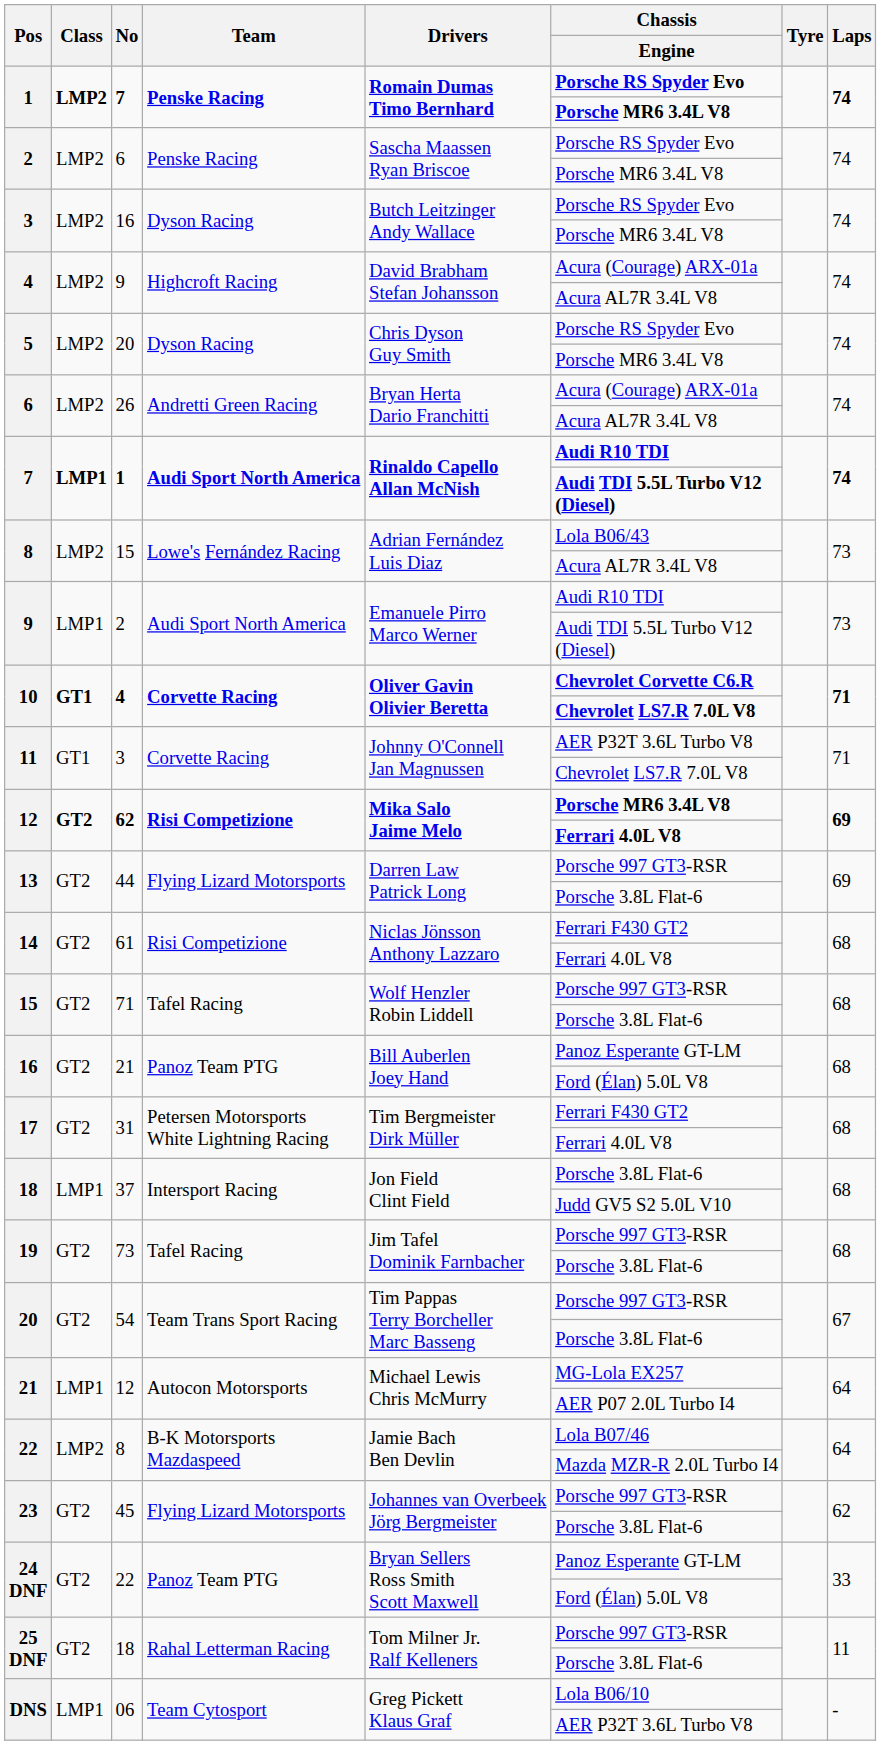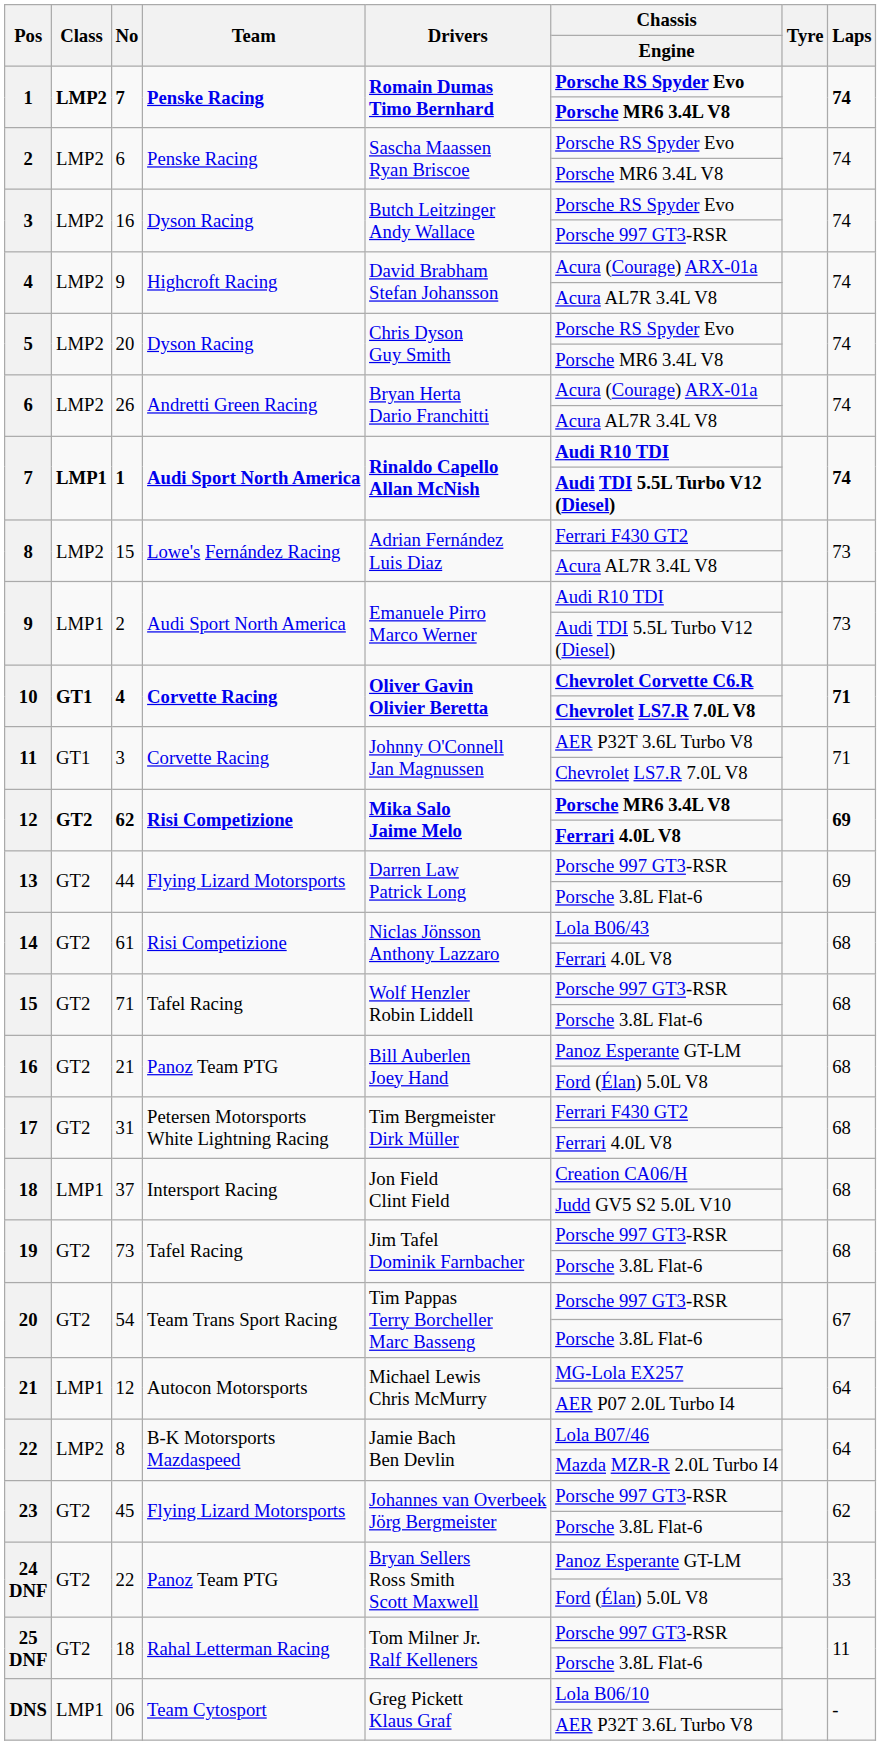 <table class="wikitable" style="font-size: 95%;">
 <tr>
 <th rowspan=2>Pos</th>
 <th rowspan=2>Class</th>
 <th rowspan=2>No</th>
 <th rowspan=2>Team</th>
 <th rowspan=2>Drivers</th>
 <th>Chassis</th>
 <th rowspan=2>Tyre</th>
 <th rowspan=2>Laps</th>
 </tr>
 <tr>
 <th>Engine</th>
 </tr>
 <tr style="font-weight:bold">
 <th rowspan=2>1</th>
 <td rowspan=2>LMP2</td>
 <td rowspan=2>7</td>
 <td rowspan=2> <a href='#'>Penske Racing</a></td>
 <td rowspan=2> <a href='#'>Romain Dumas</a><br> <a href='#'>Timo Bernhard</a></td>
 <td><a href='#'>Porsche RS Spyder</a> Evo</td>
 <td rowspan=2></td>
 <td rowspan=2>74</td>
 </tr>
 <tr style="font-weight:bold">
 <td><a href='#'>Porsche</a> MR6 3.4L V8</td>
 </tr>
 <tr>
 <th rowspan=2>2</th>
 <td rowspan=2>LMP2</td>
 <td rowspan=2>6</td>
 <td rowspan=2> <a href='#'>Penske Racing</a></td>
 <td rowspan=2> <a href='#'>Sascha Maassen</a><br> <a href='#'>Ryan Briscoe</a></td>
 <td><a href='#'>Porsche RS Spyder</a> Evo</td>
 <td rowspan=2></td>
 <td rowspan=2>74</td>
 </tr>
 <tr>
 <td><a href='#'>Porsche</a> MR6 3.4L V8</td>
 </tr>
 <tr>
 <th rowspan=2>3</th>
 <td rowspan=2>LMP2</td>
 <td rowspan=2>16</td>
 <td rowspan=2> <a href='#'>Dyson Racing</a></td>
 <td rowspan=2> <a href='#'>Butch Leitzinger</a><br> <a href='#'>Andy Wallace</a></td>
 <td><a href='#'>Porsche RS Spyder</a> Evo</td>
 <td rowspan=2></td>
 <td rowspan=2>74</td>
 </tr>
 <tr>
-<td><a href='#'>Porsche</a> MR6 3.4L V8</td>
+<td><a href='#'>Porsche 997 GT3</a>-RSR</td>
 </tr>
 <tr>
 <th rowspan=2>4</th>
 <td rowspan=2>LMP2</td>
 <td rowspan=2>9</td>
 <td rowspan=2> <a href='#'>Highcroft Racing</a></td>
 <td rowspan=2> <a href='#'>David Brabham</a><br> <a href='#'>Stefan Johansson</a></td>
 <td><a href='#'>Acura</a> (<a href='#'>Courage</a>) <a href='#'>ARX-01a</a></td>
 <td rowspan=2></td>
 <td rowspan=2>74</td>
 </tr>
 <tr>
 <td><a href='#'>Acura</a> AL7R 3.4L V8</td>
 </tr>
 <tr>
 <th rowspan=2>5</th>
 <td rowspan=2>LMP2</td>
 <td rowspan=2>20</td>
 <td rowspan=2> <a href='#'>Dyson Racing</a></td>
 <td rowspan=2> <a href='#'>Chris Dyson</a><br> <a href='#'>Guy Smith</a></td>
 <td><a href='#'>Porsche RS Spyder</a> Evo</td>
 <td rowspan=2></td>
 <td rowspan=2>74</td>
 </tr>
 <tr>
 <td><a href='#'>Porsche</a> MR6 3.4L V8</td>
 </tr>
 <tr>
 <th rowspan=2>6</th>
 <td rowspan=2>LMP2</td>
 <td rowspan=2>26</td>
 <td rowspan=2> <a href='#'>Andretti Green Racing</a></td>
 <td rowspan=2> <a href='#'>Bryan Herta</a><br> <a href='#'>Dario Franchitti</a></td>
 <td><a href='#'>Acura</a> (<a href='#'>Courage</a>) <a href='#'>ARX-01a</a></td>
 <td rowspan=2></td>
 <td rowspan=2>74</td>
 </tr>
 <tr>
 <td><a href='#'>Acura</a> AL7R 3.4L V8</td>
 </tr>
 <tr style="font-weight:bold">
 <th rowspan=2>7</th>
 <td rowspan=2>LMP1</td>
 <td rowspan=2>1</td>
 <td rowspan=2> <a href='#'>Audi Sport North America</a></td>
 <td rowspan=2> <a href='#'>Rinaldo Capello</a><br> <a href='#'>Allan McNish</a></td>
 <td><a href='#'>Audi R10 TDI</a></td>
 <td rowspan=2></td>
 <td rowspan=2>74</td>
 </tr>
 <tr style="font-weight:bold">
 <td><a href='#'>Audi</a> <a href='#'>TDI</a> 5.5L Turbo V12<br>(<a href='#'>Diesel</a>)</td>
 </tr>
 <tr>
 <th rowspan=2>8</th>
 <td rowspan=2>LMP2</td>
 <td rowspan=2>15</td>
 <td rowspan=2> <a href='#'>Lowe's</a> <a href='#'>Fernández Racing</a></td>
 <td rowspan=2> <a href='#'>Adrian Fernández</a><br> <a href='#'>Luis Diaz</a></td>
-<td><a href='#'>Lola B06/43</a></td>
+<td><a href='#'>Ferrari F430 GT2</a></td>
 <td rowspan=2></td>
 <td rowspan=2>73</td>
 </tr>
 <tr>
 <td><a href='#'>Acura</a> AL7R 3.4L V8</td>
 </tr>
 <tr>
 <th rowspan=2>9</th>
 <td rowspan=2>LMP1</td>
 <td rowspan=2>2</td>
 <td rowspan=2> <a href='#'>Audi Sport North America</a></td>
 <td rowspan=2> <a href='#'>Emanuele Pirro</a><br> <a href='#'>Marco Werner</a></td>
 <td><a href='#'>Audi R10 TDI</a></td>
 <td rowspan=2></td>
 <td rowspan=2>73</td>
 </tr>
 <tr>
 <td><a href='#'>Audi</a> <a href='#'>TDI</a> 5.5L Turbo V12<br>(<a href='#'>Diesel</a>)</td>
 </tr>
 <tr style="font-weight:bold">
 <th rowspan=2>10</th>
 <td rowspan=2>GT1</td>
 <td rowspan=2>4</td>
 <td rowspan=2> <a href='#'>Corvette Racing</a></td>
 <td rowspan=2> <a href='#'>Oliver Gavin</a><br> <a href='#'>Olivier Beretta</a></td>
 <td><a href='#'>Chevrolet Corvette C6.R</a></td>
 <td rowspan=2></td>
 <td rowspan=2>71</td>
 </tr>
 <tr style="font-weight:bold">
 <td><a href='#'>Chevrolet</a> <a href='#'>LS7.R</a> 7.0L V8</td>
 </tr>
 <tr>
 <th rowspan=2>11</th>
 <td rowspan=2>GT1</td>
 <td rowspan=2>3</td>
 <td rowspan=2> <a href='#'>Corvette Racing</a></td>
 <td rowspan=2> <a href='#'>Johnny O'Connell</a><br> <a href='#'>Jan Magnussen</a></td>
 <td><a href='#'>AER</a> P32T 3.6L Turbo V8</td>
 <td rowspan=2></td>
 <td rowspan=2>71</td>
 </tr>
 <tr>
 <td><a href='#'>Chevrolet</a> <a href='#'>LS7.R</a> 7.0L V8</td>
 </tr>
 <tr style="font-weight:bold">
 <th rowspan=2>12</th>
 <td rowspan=2>GT2</td>
 <td rowspan=2>62</td>
 <td rowspan=2> <a href='#'>Risi Competizione</a></td>
 <td rowspan=2> <a href='#'>Mika Salo</a><br> <a href='#'>Jaime Melo</a></td>
 <td><a href='#'>Porsche</a> MR6 3.4L V8</td>
 <td rowspan=2></td>
 <td rowspan=2>69</td>
 </tr>
 <tr style="font-weight:bold">
 <td><a href='#'>Ferrari</a> 4.0L V8</td>
 </tr>
 <tr>
 <th rowspan=2>13</th>
 <td rowspan=2>GT2</td>
 <td rowspan=2>44</td>
 <td rowspan=2> <a href='#'>Flying Lizard Motorsports</a></td>
 <td rowspan=2> <a href='#'>Darren Law</a><br> <a href='#'>Patrick Long</a></td>
 <td><a href='#'>Porsche 997 GT3</a>-RSR</td>
 <td rowspan=2></td>
 <td rowspan=2>69</td>
 </tr>
 <tr>
 <td><a href='#'>Porsche</a> 3.8L Flat-6</td>
 </tr>
 <tr>
 <th rowspan=2>14</th>
 <td rowspan=2>GT2</td>
 <td rowspan=2>61</td>
 <td rowspan=2> <a href='#'>Risi Competizione</a></td>
 <td rowspan=2> <a href='#'>Niclas Jönsson</a><br> <a href='#'>Anthony Lazzaro</a></td>
-<td><a href='#'>Ferrari F430 GT2</a></td>
+<td><a href='#'>Lola B06/43</a></td>
 <td rowspan=2></td>
 <td rowspan=2>68</td>
 </tr>
 <tr>
 <td><a href='#'>Ferrari</a> 4.0L V8</td>
 </tr>
 <tr>
 <th rowspan=2>15</th>
 <td rowspan=2>GT2</td>
 <td rowspan=2>71</td>
 <td rowspan=2> Tafel Racing</td>
 <td rowspan=2> <a href='#'>Wolf Henzler</a><br> Robin Liddell</td>
 <td><a href='#'>Porsche 997 GT3</a>-RSR</td>
 <td rowspan=2></td>
 <td rowspan=2>68</td>
 </tr>
 <tr>
 <td><a href='#'>Porsche</a> 3.8L Flat-6</td>
 </tr>
 <tr>
 <th rowspan=2>16</th>
 <td rowspan=2>GT2</td>
 <td rowspan=2>21</td>
 <td rowspan=2> <a href='#'>Panoz</a> Team PTG</td>
 <td rowspan=2> <a href='#'>Bill Auberlen</a><br> <a href='#'>Joey Hand</a></td>
 <td><a href='#'>Panoz Esperante</a> GT-LM</td>
 <td rowspan=2></td>
 <td rowspan=2>68</td>
 </tr>
 <tr>
 <td><a href='#'>Ford</a> (<a href='#'>Élan</a>) 5.0L V8</td>
 </tr>
 <tr>
 <th rowspan=2>17</th>
 <td rowspan=2>GT2</td>
 <td rowspan=2>31</td>
 <td rowspan=2> Petersen Motorsports<br> White Lightning Racing</td>
 <td rowspan=2> Tim Bergmeister<br> <a href='#'>Dirk Müller</a></td>
 <td><a href='#'>Ferrari F430 GT2</a></td>
 <td rowspan=2></td>
 <td rowspan=2>68</td>
 </tr>
 <tr>
 <td><a href='#'>Ferrari</a> 4.0L V8</td>
 </tr>
 <tr>
 <th rowspan=2>18</th>
 <td rowspan=2>LMP1</td>
 <td rowspan=2>37</td>
 <td rowspan=2> Intersport Racing</td>
 <td rowspan=2> Jon Field<br> Clint Field</td>
-<td><a href='#'>Porsche</a> 3.8L Flat-6</td>
+<td><a href='#'>Creation CA06/H</a></td>
 <td rowspan=2></td>
 <td rowspan=2>68</td>
 </tr>
 <tr>
 <td><a href='#'>Judd</a> GV5 S2 5.0L V10</td>
 </tr>
 <tr>
 <th rowspan=2>19</th>
 <td rowspan=2>GT2</td>
 <td rowspan=2>73</td>
 <td rowspan=2> Tafel Racing</td>
 <td rowspan=2> Jim Tafel<br> <a href='#'>Dominik Farnbacher</a></td>
 <td><a href='#'>Porsche 997 GT3</a>-RSR</td>
 <td rowspan=2></td>
 <td rowspan=2>68</td>
 </tr>
 <tr>
 <td><a href='#'>Porsche</a> 3.8L Flat-6</td>
 </tr>
 <tr>
 <th rowspan=2>20</th>
 <td rowspan=2>GT2</td>
 <td rowspan=2>54</td>
 <td rowspan=2> Team Trans Sport Racing</td>
 <td rowspan=2> Tim Pappas<br> <a href='#'>Terry Borcheller</a><br> <a href='#'>Marc Basseng</a></td>
 <td><a href='#'>Porsche 997 GT3</a>-RSR</td>
 <td rowspan=2></td>
 <td rowspan=2>67</td>
 </tr>
 <tr>
 <td><a href='#'>Porsche</a> 3.8L Flat-6</td>
 </tr>
 <tr>
 <th rowspan=2>21</th>
 <td rowspan=2>LMP1</td>
 <td rowspan=2>12</td>
 <td rowspan=2> Autocon Motorsports</td>
 <td rowspan=2> Michael Lewis<br> Chris McMurry</td>
 <td><a href='#'>MG-Lola EX257</a></td>
 <td rowspan=2></td>
 <td rowspan=2>64</td>
 </tr>
 <tr>
 <td><a href='#'>AER</a> P07 2.0L Turbo I4</td>
 </tr>
 <tr>
 <th rowspan=2>22</th>
 <td rowspan=2>LMP2</td>
 <td rowspan=2>8</td>
 <td rowspan=2> B-K Motorsports<br> <a href='#'>Mazdaspeed</a></td>
 <td rowspan=2> Jamie Bach<br> Ben Devlin</td>
 <td><a href='#'>Lola B07/46</a></td>
 <td rowspan=2></td>
 <td rowspan=2>64</td>
 </tr>
 <tr>
 <td><a href='#'>Mazda</a> <a href='#'>MZR-R</a> 2.0L Turbo I4</td>
 </tr>
 <tr>
 <th rowspan=2>23</th>
 <td rowspan=2>GT2</td>
 <td rowspan=2>45</td>
 <td rowspan=2> <a href='#'>Flying Lizard Motorsports</a></td>
 <td rowspan=2> <a href='#'>Johannes van Overbeek</a><br> <a href='#'>Jörg Bergmeister</a></td>
 <td><a href='#'>Porsche 997 GT3</a>-RSR</td>
 <td rowspan=2></td>
 <td rowspan=2>62</td>
 </tr>
 <tr>
 <td><a href='#'>Porsche</a> 3.8L Flat-6</td>
 </tr>
 <tr>
 <th rowspan=2>24<br>DNF</th>
 <td rowspan=2>GT2</td>
 <td rowspan=2>22</td>
 <td rowspan=2> <a href='#'>Panoz</a> Team PTG</td>
 <td rowspan=2> <a href='#'>Bryan Sellers</a><br> Ross Smith<br> <a href='#'>Scott Maxwell</a></td>
 <td><a href='#'>Panoz Esperante</a> GT-LM</td>
 <td rowspan=2></td>
 <td rowspan=2>33</td>
 </tr>
 <tr>
 <td><a href='#'>Ford</a> (<a href='#'>Élan</a>) 5.0L V8</td>
 </tr>
 <tr>
 <th rowspan=2>25<br>DNF</th>
 <td rowspan=2>GT2</td>
 <td rowspan=2>18</td>
 <td rowspan=2> <a href='#'>Rahal Letterman Racing</a></td>
 <td rowspan=2> Tom Milner Jr.<br> <a href='#'>Ralf Kelleners</a></td>
 <td><a href='#'>Porsche 997 GT3</a>-RSR</td>
 <td rowspan=2></td>
 <td rowspan=2>11</td>
 </tr>
 <tr>
 <td><a href='#'>Porsche</a> 3.8L Flat-6</td>
 </tr>
 <tr>
 <th rowspan=2>DNS</th>
 <td rowspan=2>LMP1</td>
 <td rowspan=2>06</td>
 <td rowspan=2> <a href='#'>Team Cytosport</a></td>
 <td rowspan=2> Greg Pickett<br> <a href='#'>Klaus Graf</a></td>
 <td><a href='#'>Lola B06/10</a></td>
 <td rowspan=2></td>
 <td rowspan=2>-</td>
 </tr>
 <tr>
 <td><a href='#'>AER</a> P32T 3.6L Turbo V8</td>
 </tr>
 </table>
